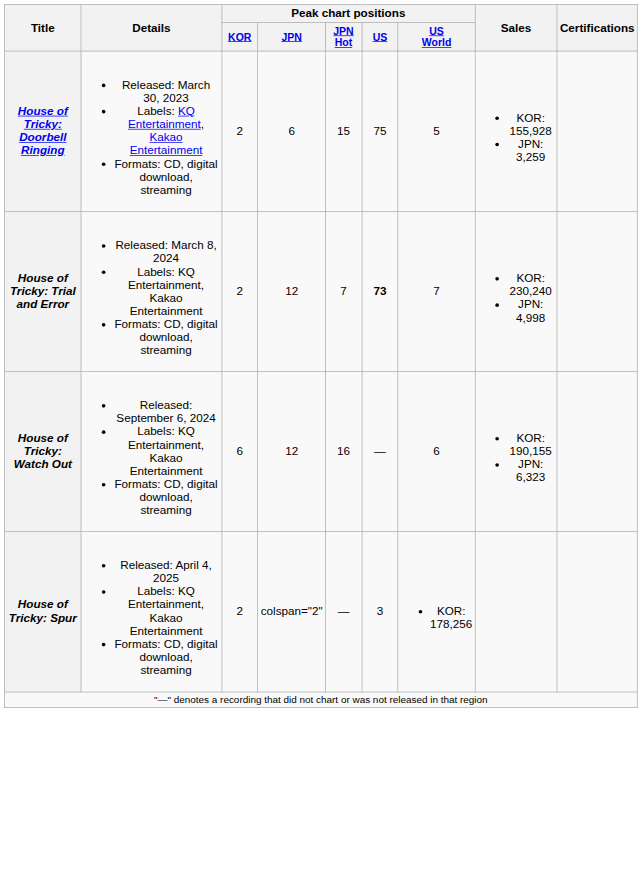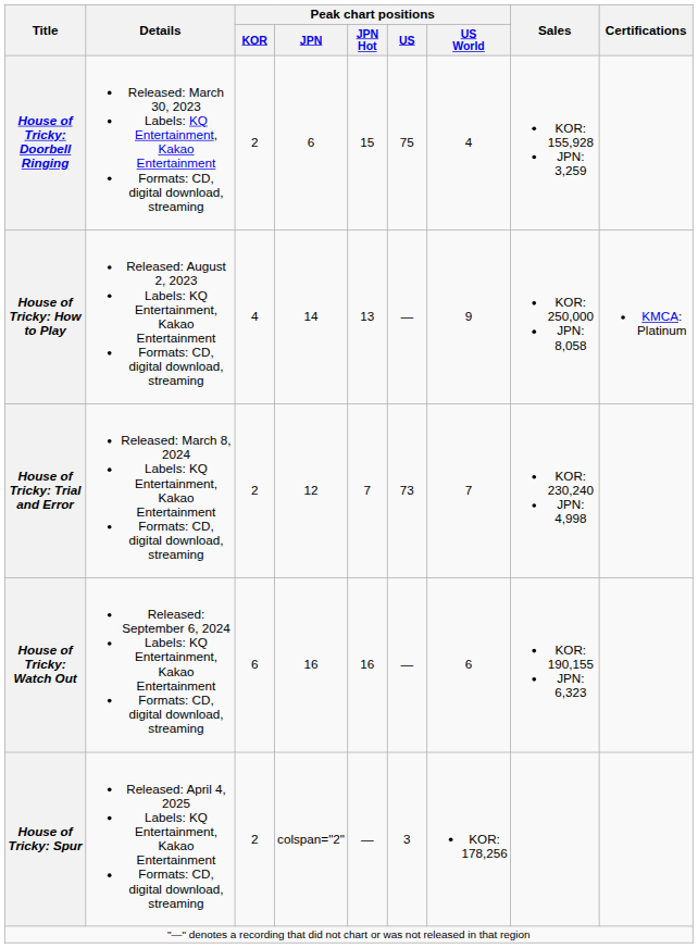 <table class="wikitable plainrowheaders" style="text-align:center">
 <tr>
 <th scope="col" rowspan="2">Title</th>
 <th scope="col" rowspan="2">Details</th>
 <th scope="col" colspan="5">Peak chart positions</th>
 <th scope="col" rowspan="2">Sales</th>
 <th scope="col" rowspan="2">Certifications</th>
 </tr>
 <tr>
 <th scope="col" style="width:3em; font-size:90%"><a href='#'>KOR</a><br></th>
 <th scope="col" style="width:3em; font-size:90%"><a href='#'>JPN</a><br></th>
 <th scope="col" style="width:3em; font-size:90%"><a href='#'>JPN<br>Hot</a><br></th>
 <th scope="col" style="width:3em; font-size:90%"><a href='#'>US</a><br></th>
 <th scope="col" style="width:3em; font-size:90%"><a href='#'>US<br>World</a><br></th>
 </tr>
 <tr>
 <th scope="row"><em><a href='#'>House of Tricky: Doorbell Ringing</a></em></th>
 <td><br><ul><li>Released: March 30, 2023</li><li>Labels: <a href='#'>KQ Entertainment</a>, <a href='#'>Kakao Entertainment</a></li><li>Formats: CD, digital download, streaming</li></ul></td>
 <td>2</td>
 <td>6</td>
 <td>15</td>
 <td>75</td>
-<td>5</td>
+<td>4</td>
 <td><br><ul><li>KOR: 155,928</li><li>JPN: 3,259</li></ul></td>
 <td></td>
+</tr>
+<tr>
+<th scope="row"><em>House of Tricky: How to Play</em></th>
+<td><br><ul><li>Released: August 2, 2023</li><li>Labels: KQ Entertainment, Kakao Entertainment</li><li>Formats: CD, digital download, streaming</li></ul></td>
+<td>4</td>
+<td>14</td>
+<td>13</td>
+<td>—</td>
+<td>9</td>
+<td><br><ul><li>KOR: 250,000</li><li>JPN: 8,058</li></ul></td>
+<td><br><ul><li><a href='#'>KMCA</a>: Platinum</li></ul></td>
 </tr>
 <tr>
 <th scope="row"><em>House of Tricky: Trial and Error</em></th>
 <td><br><ul><li>Released: March 8, 2024</li><li>Labels: KQ Entertainment, Kakao Entertainment</li><li>Formats: CD, digital download, streaming</li></ul></td>
 <td>2</td>
 <td>12</td>
 <td>7</td>
-<td><strong>73</strong></td>
+<td>73</td>
 <td>7</td>
 <td><br><ul><li>KOR: 230,240</li><li>JPN: 4,998</li></ul></td>
 <td></td>
 </tr>
 <tr>
 <th scope="row"><em>House of Tricky: Watch Out</em></th>
 <td><br><ul><li>Released: September 6, 2024</li><li>Labels: KQ Entertainment, Kakao Entertainment</li><li>Formats: CD, digital download, streaming</li></ul></td>
 <td>6</td>
-<td>12</td>
+<td>16</td>
 <td>16</td>
 <td>—</td>
 <td>6</td>
 <td><br><ul><li>KOR: 190,155</li><li>JPN: 6,323</li></ul></td>
 <td></td>
 </tr>
 <tr>
 <th scope="row"><em>House of Tricky: Spur</em></th>
 <td><br><ul><li>Released: April 4, 2025</li><li>Labels: KQ Entertainment, Kakao Entertainment</li><li>Formats: CD, digital download, streaming</li></ul></td>
 <td>2</td>
 <td>colspan="2" </td>
 <td>—</td>
 <td>3</td>
 <td><br><ul><li>KOR: 178,256</li></ul></td>
 <td></td>
 </tr>
 <tr>
 <td colspan="9" style="font-size:85%">"—" denotes a recording that did not chart or was not released in that region</td>
 </tr>
 </table>
